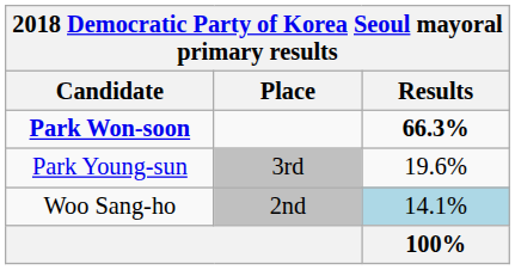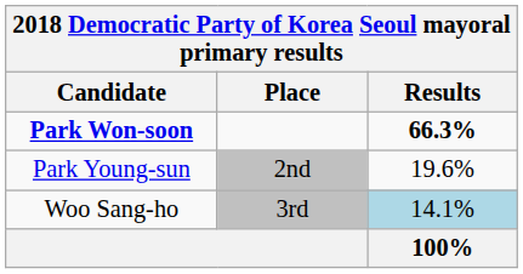 <table class="wikitable" style="text-align:center;">
 <tr>
 <th colspan=4>2018 <a href='#'>Democratic Party of Korea</a> <a href='#'>Seoul</a> mayoral primary results</th>
 </tr>
 <tr>
 <th width=130><strong>Candidate</strong></th>
 <th width=90><strong>Place</strong></th>
 <th width=90><strong>Results</strong></th>
 </tr>
 <tr>
 <td><strong><a href='#'>Park Won-soon</a></strong></td>
 <td style="background:"><strong></strong></td>
 <td><strong>66.3%</strong></td>
 </tr>
 <tr>
 <td><a href='#'>Park Young-sun</a></td>
-<td bgcolor=silver>3rd</td>
+<td bgcolor=silver>2nd</td>
 <td>19.6%</td>
 </tr>
 <tr>
 <td>Woo Sang-ho</td>
-<td bgcolor=silver>2nd</td>
+<td bgcolor=silver>3rd</td>
 <td style="background: lightblue;">14.1%</td>
 </tr>
 <tr>
 <th colspan=2></th>
 <th>100%</th>
 </tr>
 </table>
